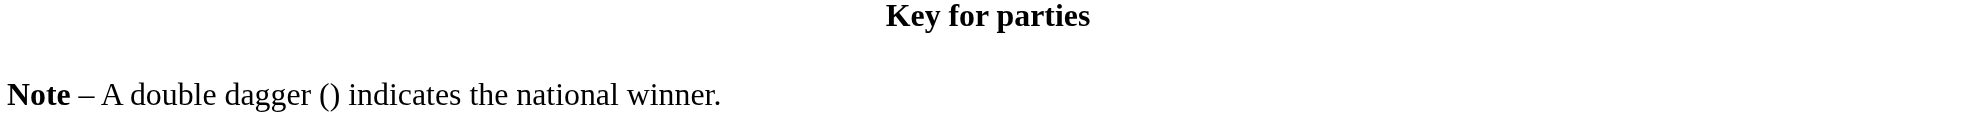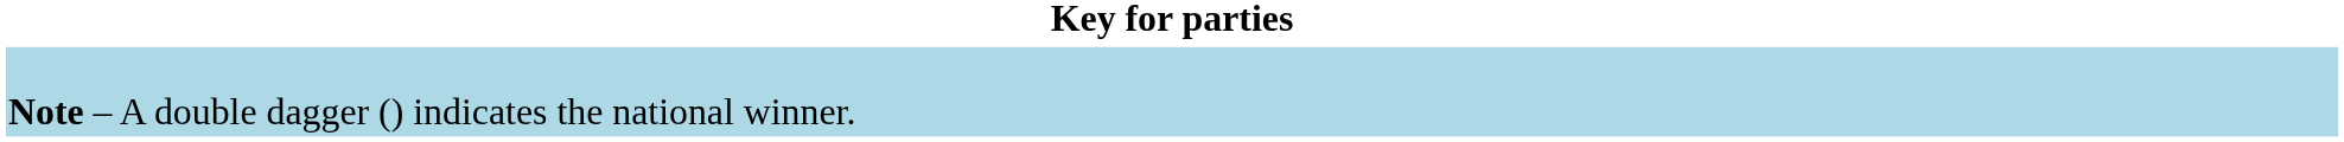 <table class="toccolours" style="width:62em">
 <tr>
 <th>Key for parties</th>
 </tr>
 <tr>
-<td><br>                           <strong>Note</strong> – A double dagger () indicates the national winner.</td>
+<td style="background: lightblue;"><br>                           <strong>Note</strong> – A double dagger () indicates the national winner.</td>
 </tr>
 </table>
